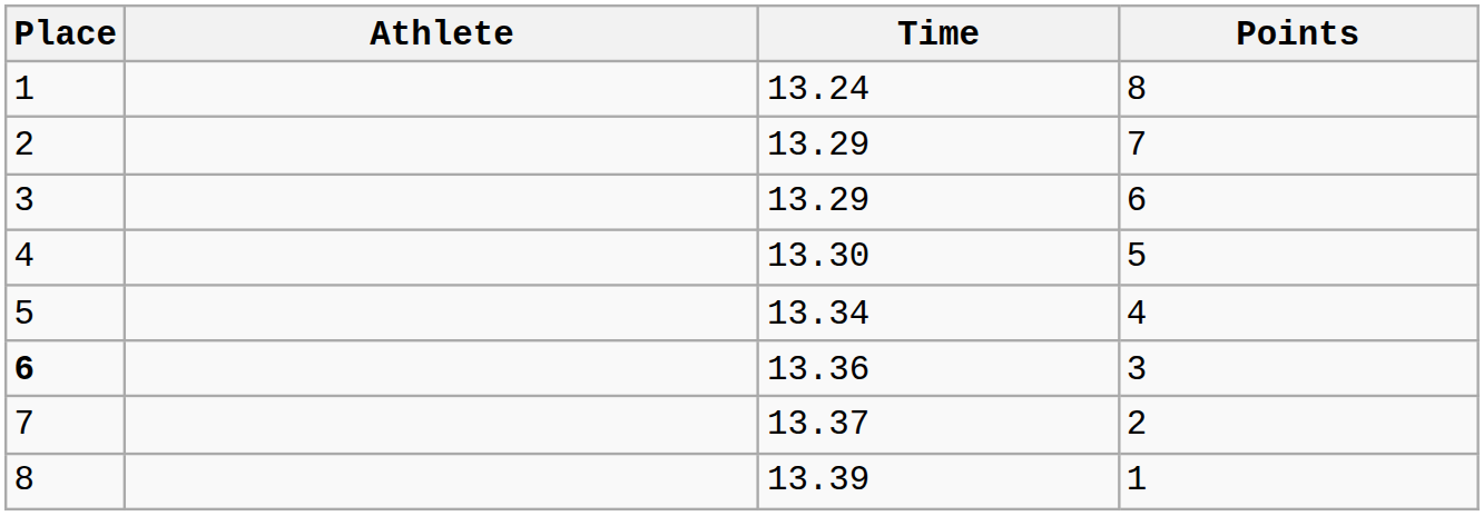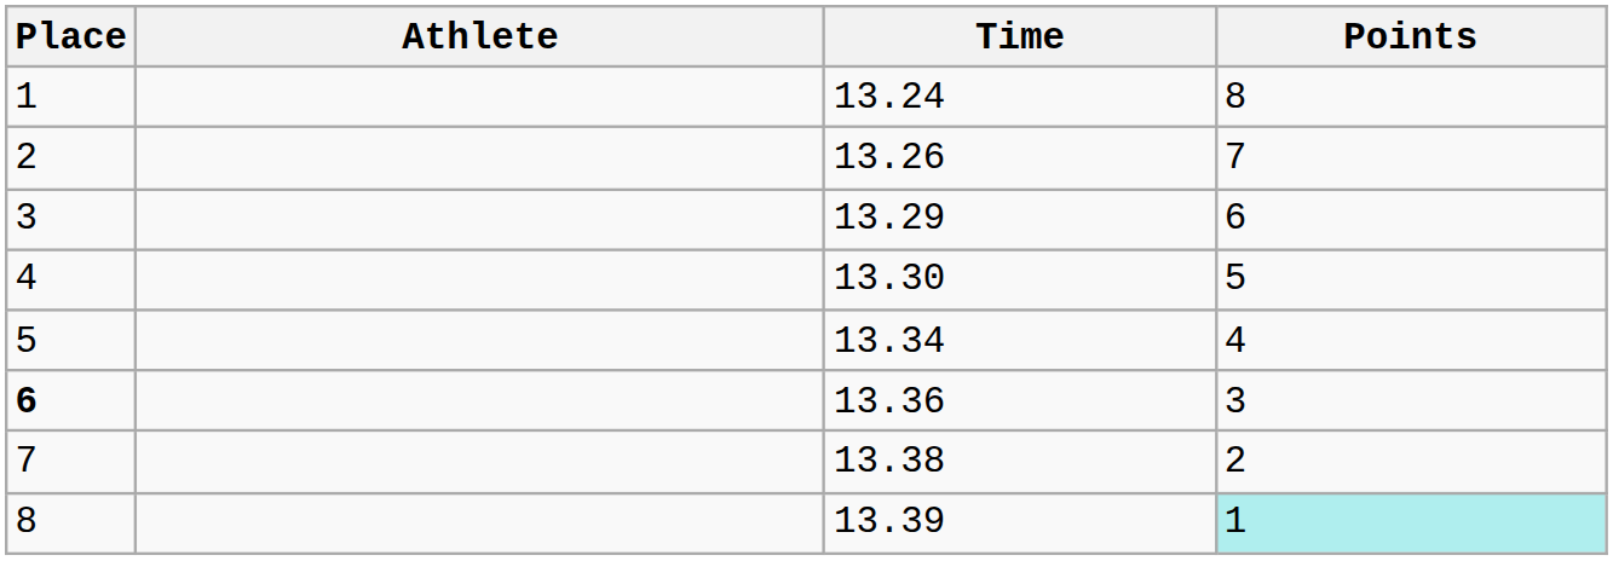 <table class=wikitable>
 <tr>
 <th>Place</th>
 <th style="width:18em">Athlete</th>
 <th style="width:10em">Time</th>
 <th style="width:10em">Points</th>
 </tr>
 <tr>
 <td>1</td>
 <td></td>
 <td>13.24</td>
 <td>8</td>
 </tr>
 <tr>
 <td>2</td>
 <td></td>
-<td>13.29</td>
+<td>13.26</td>
 <td>7</td>
 </tr>
 <tr>
 <td>3</td>
 <td></td>
 <td>13.29</td>
 <td>6</td>
 </tr>
 <tr>
 <td>4</td>
 <td></td>
 <td>13.30</td>
 <td>5</td>
 </tr>
 <tr>
 <td>5</td>
 <td></td>
 <td>13.34</td>
 <td>4</td>
 </tr>
 <tr>
 <td><strong>6</strong></td>
 <td></td>
 <td>13.36</td>
 <td>3</td>
 </tr>
 <tr>
 <td>7</td>
 <td></td>
-<td>13.37</td>
+<td>13.38</td>
 <td>2</td>
 </tr>
 <tr>
 <td>8</td>
 <td></td>
 <td>13.39</td>
-<td>1</td>
+<td style="background: paleturquoise;">1</td>
 </tr>
 </table>
